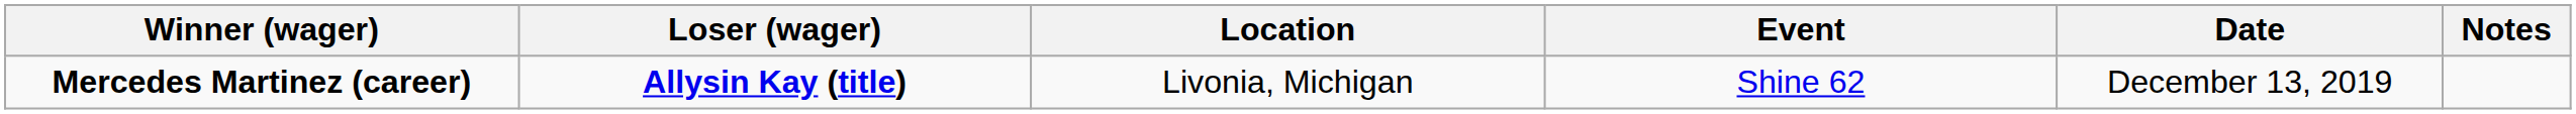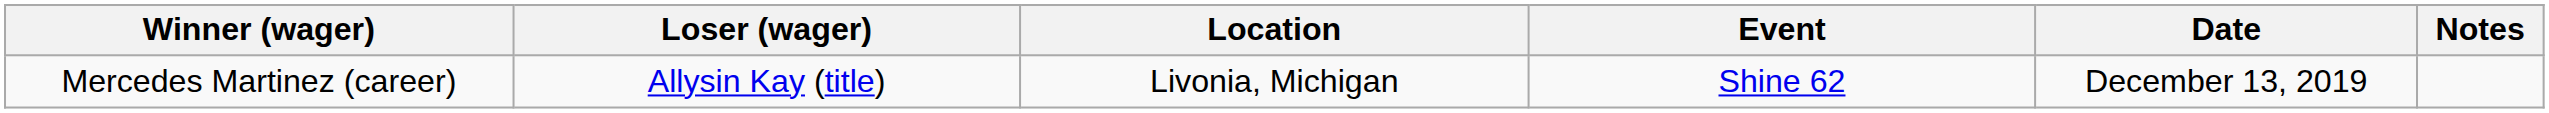 <table class="wikitable sortable"  style="width:100%; text-align:center;">
 <tr>
 <th style="width:20%;" scope="col">Winner (wager)</th>
 <th style="width:20%;" scope="col">Loser (wager)</th>
 <th style="width:20%;" scope="col">Location</th>
 <th style="width:20%;" scope="col">Event</th>
 <th style="width:15%;" scope="col">Date</th>
 <th class="unsortable"  style="width:5%;" scope="col">Notes</th>
 </tr>
 <tr>
-<td><strong>Mercedes Martinez (career)</strong></td>
-<td><strong><a href='#'>Allysin Kay</a> (<a href='#'>title</a>)</strong></td>
+<td>Mercedes Martinez (career)</td>
+<td><a href='#'>Allysin Kay</a> (<a href='#'>title</a>)</td>
 <td>Livonia, Michigan</td>
 <td><a href='#'>Shine 62</a></td>
 <td>December 13, 2019</td>
 <td></td>
 </tr>
 </table>
